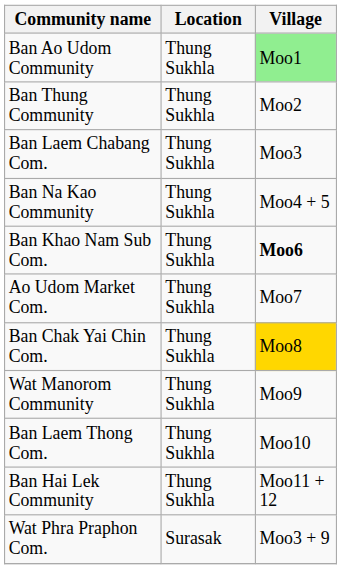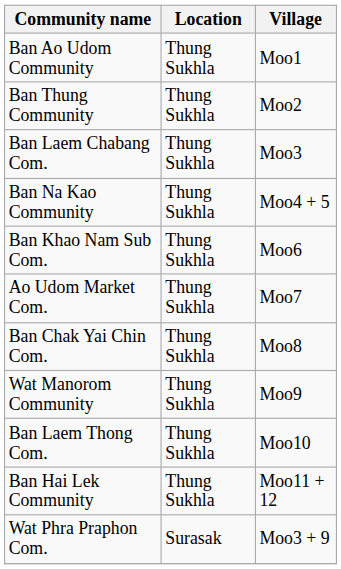 <table class="wikitable" style="width:48%; display:inline-table;">
 <tr>
 <th>Community name</th>
 <th>Location</th>
 <th>Village</th>
 </tr>
 <tr>
 <td>Ban Ao Udom Community</td>
 <td>Thung Sukhla</td>
-<td style="background: lightgreen;">Moo1</td>
+<td>Moo1</td>
 </tr>
 <tr>
 <td>Ban Thung Community</td>
 <td>Thung Sukhla</td>
 <td>Moo2</td>
 </tr>
 <tr>
 <td>Ban Laem Chabang Com.</td>
 <td>Thung Sukhla</td>
 <td>Moo3</td>
 </tr>
 <tr>
 <td>Ban Na Kao Community</td>
 <td>Thung Sukhla</td>
 <td>Moo4 + 5</td>
 </tr>
 <tr>
 <td>Ban Khao Nam Sub Com.</td>
 <td>Thung Sukhla</td>
-<td><strong>Moo6</strong></td>
+<td>Moo6</td>
 </tr>
 <tr>
 <td>Ao Udom Market Com.</td>
 <td>Thung Sukhla</td>
 <td>Moo7</td>
 </tr>
 <tr>
 <td>Ban Chak Yai Chin Com.</td>
 <td>Thung Sukhla</td>
-<td style="background: gold;">Moo8</td>
+<td>Moo8</td>
 </tr>
 <tr>
 <td>Wat Manorom Community</td>
 <td>Thung Sukhla</td>
 <td>Moo9</td>
 </tr>
 <tr>
 <td>Ban Laem Thong Com.</td>
 <td>Thung Sukhla</td>
 <td>Moo10</td>
 </tr>
 <tr>
 <td>Ban Hai Lek Community</td>
 <td>Thung Sukhla</td>
 <td>Moo11 + 12</td>
 </tr>
 <tr>
 <td>Wat Phra Praphon Com.</td>
 <td>Surasak</td>
 <td>Moo3 + 9</td>
 </tr>
 <tr>
 </tr>
 </table>
